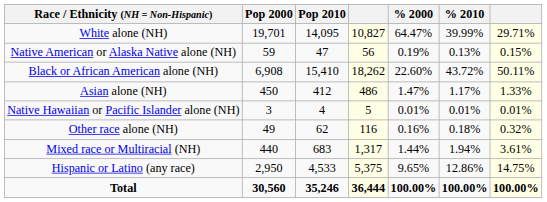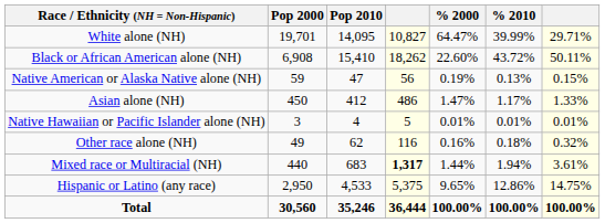 <table class="wikitable" style="text-align:center;">
 <tr>
 <th>Race / Ethnicity <small>(<em>NH = Non-Hispanic</em>)</small></th>
 <th>Pop 2000</th>
 <th>Pop 2010</th>
 <th></th>
 <th>% 2000</th>
 <th>% 2010</th>
 <th></th>
 </tr>
 <tr>
 <td><a href='#'>White</a> alone (NH)</td>
 <td>19,701</td>
 <td>14,095</td>
 <td style='background: #ffffe6;'>10,827</td>
 <td>64.47%</td>
 <td>39.99%</td>
 <td style='background: #ffffe6;'>29.71%</td>
 </tr>
 <tr>
+<td><a href='#'>Black or African American</a> alone (NH)</td>
+<td>6,908</td>
+<td>15,410</td>
+<td style='background: #ffffe6;'>18,262</td>
+<td>22.60%</td>
+<td>43.72%</td>
+<td style='background: #ffffe6;'>50.11%</td>
+</tr>
+<tr>
 <td><a href='#'>Native American</a> or <a href='#'>Alaska Native</a> alone (NH)</td>
 <td>59</td>
 <td>47</td>
 <td style='background: #ffffe6;'>56</td>
 <td>0.19%</td>
 <td>0.13%</td>
 <td style='background: #ffffe6;'>0.15%</td>
-</tr>
-<tr>
-<td><a href='#'>Black or African American</a> alone (NH)</td>
-<td>6,908</td>
-<td>15,410</td>
-<td style='background: #ffffe6;'>18,262</td>
-<td>22.60%</td>
-<td>43.72%</td>
-<td style='background: #ffffe6;'>50.11%</td>
 </tr>
 <tr>
 <td><a href='#'>Asian</a> alone (NH)</td>
 <td>450</td>
 <td>412</td>
 <td style='background: #ffffe6;'>486</td>
 <td>1.47%</td>
 <td>1.17%</td>
 <td style='background: #ffffe6;'>1.33%</td>
 </tr>
 <tr>
 <td><a href='#'>Native Hawaiian</a> or <a href='#'>Pacific Islander</a> alone (NH)</td>
 <td>3</td>
 <td>4</td>
 <td style='background: #ffffe6;'>5</td>
 <td>0.01%</td>
 <td>0.01%</td>
 <td style='background: #ffffe6;'>0.01%</td>
 </tr>
 <tr>
 <td><a href='#'>Other race</a> alone (NH)</td>
 <td>49</td>
 <td>62</td>
 <td style='background: #ffffe6;'>116</td>
 <td>0.16%</td>
 <td>0.18%</td>
 <td style='background: #ffffe6;'>0.32%</td>
 </tr>
 <tr>
 <td><a href='#'>Mixed race or Multiracial</a> (NH)</td>
 <td>440</td>
 <td>683</td>
-<td style='background: #ffffe6;'>1,317</td>
+<td style='background: #ffffe6;'><strong>1,317</strong></td>
 <td>1.44%</td>
 <td>1.94%</td>
 <td style='background: #ffffe6;'>3.61%</td>
 </tr>
 <tr>
 <td><a href='#'>Hispanic or Latino</a> (any race)</td>
 <td>2,950</td>
 <td>4,533</td>
 <td style='background: #ffffe6;'>5,375</td>
 <td>9.65%</td>
 <td>12.86%</td>
 <td style='background: #ffffe6;'>14.75%</td>
 </tr>
 <tr>
 <td><strong>Total</strong></td>
 <td><strong>30,560</strong></td>
 <td><strong>35,246</strong></td>
 <td style='background: #ffffe6;'><strong>36,444</strong></td>
 <td><strong>100.00%</strong></td>
 <td><strong>100.00%</strong></td>
 <td style='background: #ffffe6;'><strong>100.00%</strong></td>
 </tr>
 </table>
